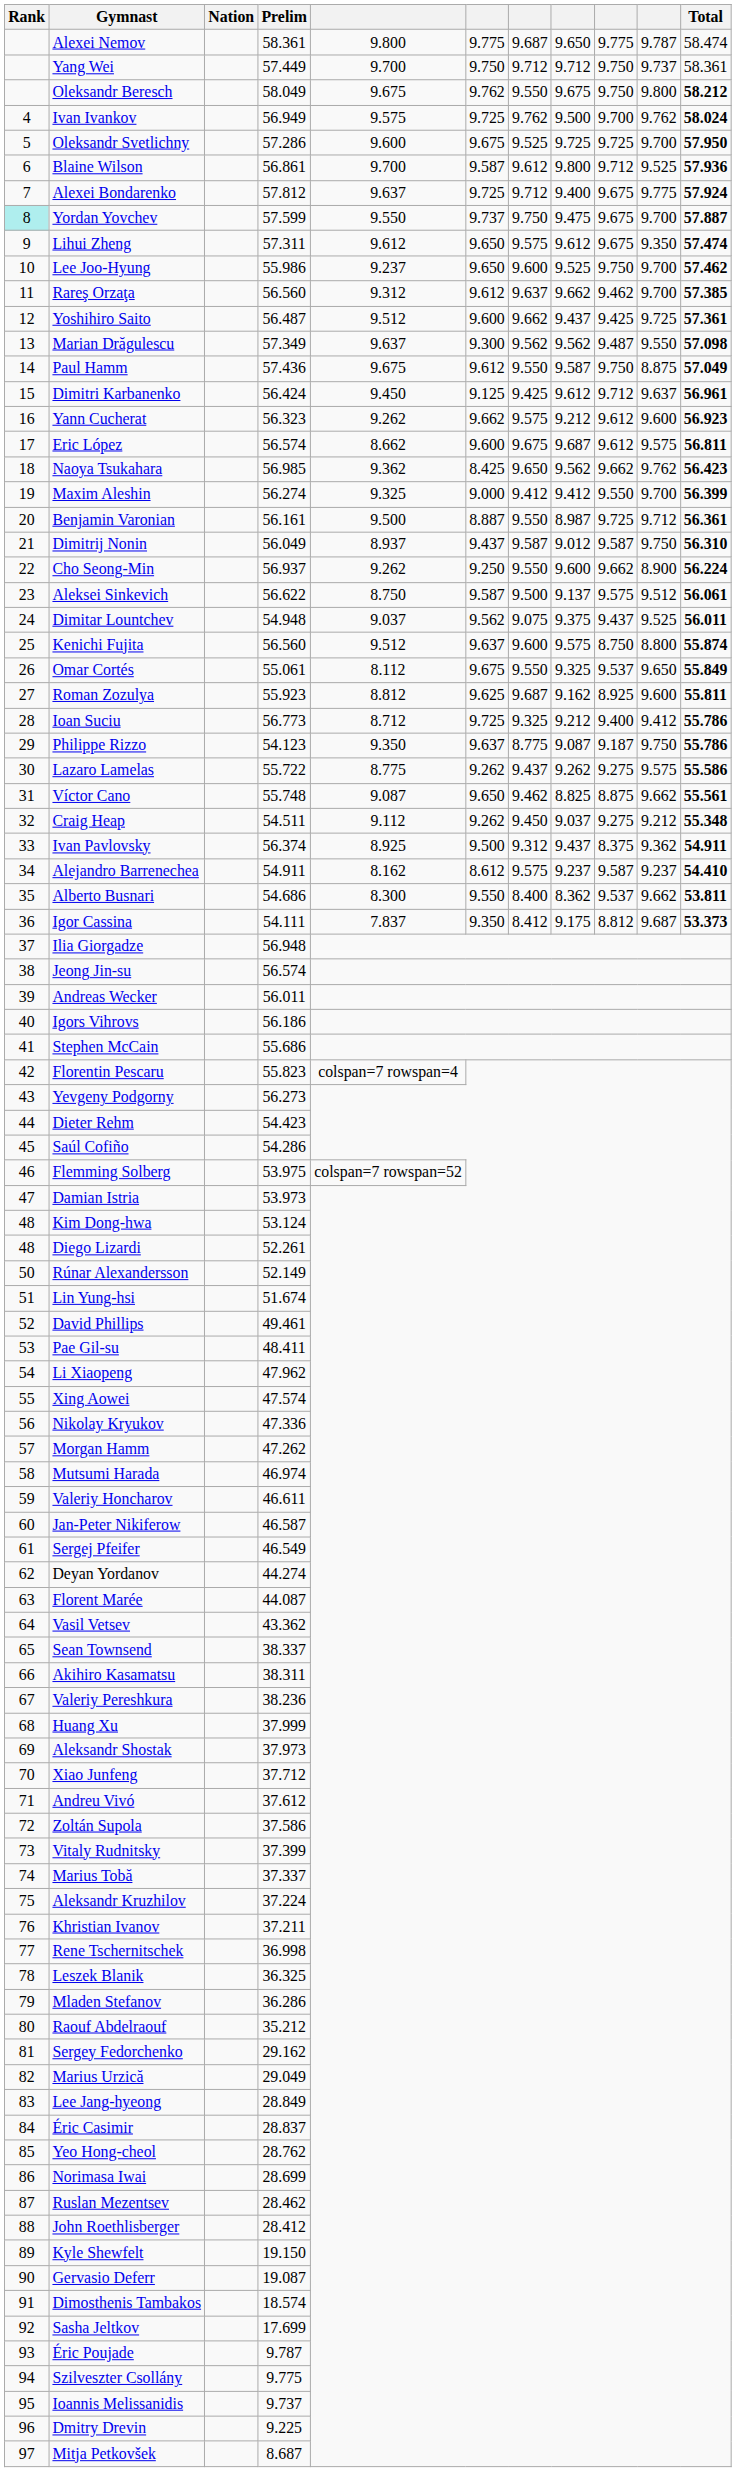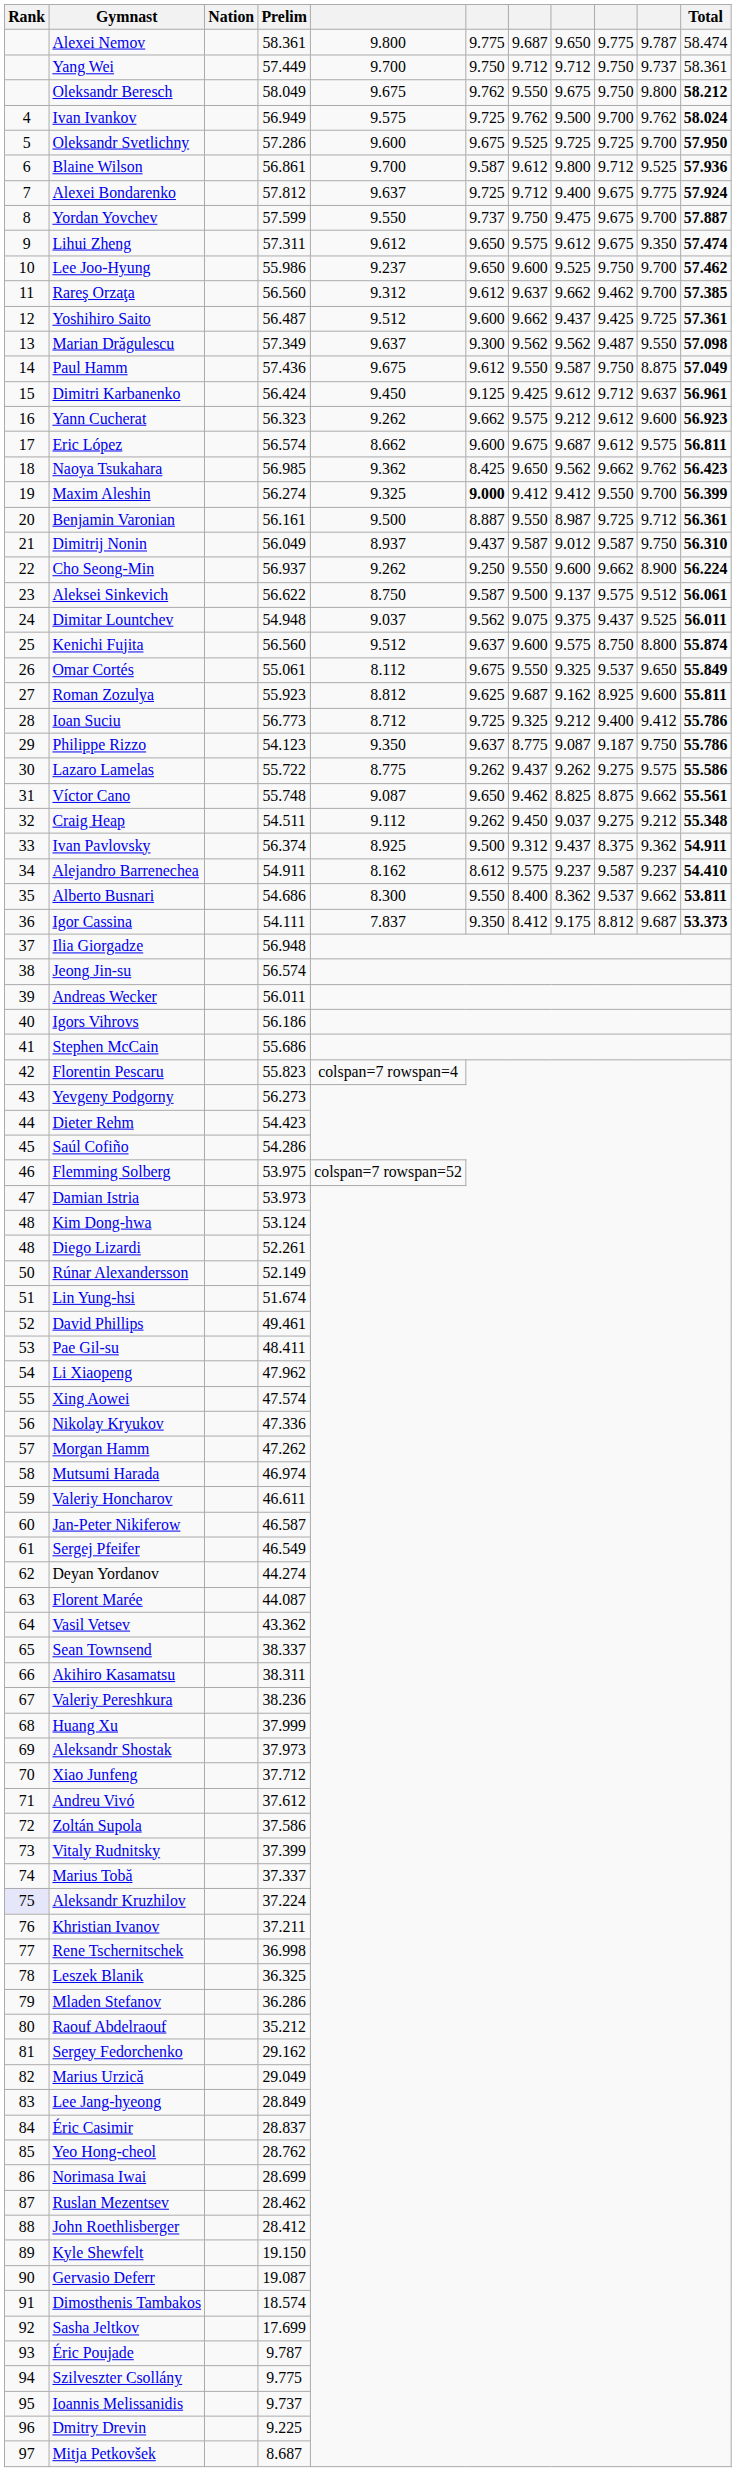 <table class="wikitable sortable" style="text-align:center;">
 <tr>
 <th>Rank</th>
 <th>Gymnast</th>
 <th>Nation</th>
 <th>Prelim</th>
 <th></th>
 <th></th>
 <th></th>
 <th></th>
 <th></th>
 <th></th>
 <th>Total</th>
 </tr>
 <tr>
 <td></td>
 <td align=left><a href='#'>Alexei Nemov</a></td>
 <td align=left></td>
 <td>58.361</td>
 <td>9.800</td>
 <td>9.775</td>
 <td>9.687</td>
 <td>9.650</td>
 <td>9.775</td>
 <td>9.787</td>
 <td>58.474</td>
 </tr>
 <tr>
 <td></td>
 <td align=left><a href='#'>Yang Wei</a></td>
 <td align=left></td>
 <td>57.449</td>
 <td>9.700</td>
 <td>9.750</td>
 <td>9.712</td>
 <td>9.712</td>
 <td>9.750</td>
 <td>9.737</td>
 <td>58.361</td>
 </tr>
 <tr>
 <td></td>
 <td align=left><a href='#'>Oleksandr Beresch</a></td>
 <td align=left></td>
 <td>58.049</td>
 <td>9.675</td>
 <td>9.762</td>
 <td>9.550</td>
 <td>9.675</td>
 <td>9.750</td>
 <td>9.800</td>
 <td><strong>58.212</strong></td>
 </tr>
 <tr>
 <td>4</td>
 <td align=left><a href='#'>Ivan Ivankov</a></td>
 <td align=left></td>
 <td>56.949</td>
 <td>9.575</td>
 <td>9.725</td>
 <td>9.762</td>
 <td>9.500</td>
 <td>9.700</td>
 <td>9.762</td>
 <td><strong>58.024</strong></td>
 </tr>
 <tr>
 <td>5</td>
 <td align=left><a href='#'>Oleksandr Svetlichny</a></td>
 <td align=left></td>
 <td>57.286</td>
 <td>9.600</td>
 <td>9.675</td>
 <td>9.525</td>
 <td>9.725</td>
 <td>9.725</td>
 <td>9.700</td>
 <td><strong>57.950</strong></td>
 </tr>
 <tr>
 <td>6</td>
 <td align=left><a href='#'>Blaine Wilson</a></td>
 <td align=left></td>
 <td>56.861</td>
 <td>9.700</td>
 <td>9.587</td>
 <td>9.612</td>
 <td>9.800</td>
 <td>9.712</td>
 <td>9.525</td>
 <td><strong>57.936</strong></td>
 </tr>
 <tr>
 <td>7</td>
 <td align=left><a href='#'>Alexei Bondarenko</a></td>
 <td align=left></td>
 <td>57.812</td>
 <td>9.637</td>
 <td>9.725</td>
 <td>9.712</td>
 <td>9.400</td>
 <td>9.675</td>
 <td>9.775</td>
 <td><strong>57.924</strong></td>
 </tr>
 <tr>
-<td style="background: paleturquoise;">8</td>
+<td>8</td>
 <td align=left><a href='#'>Yordan Yovchev</a></td>
 <td align=left></td>
 <td>57.599</td>
 <td>9.550</td>
 <td>9.737</td>
 <td>9.750</td>
 <td>9.475</td>
 <td>9.675</td>
 <td>9.700</td>
 <td><strong>57.887</strong></td>
 </tr>
 <tr>
 <td>9</td>
 <td align=left><a href='#'>Lihui Zheng</a></td>
 <td align=left></td>
 <td>57.311</td>
 <td>9.612</td>
 <td>9.650</td>
 <td>9.575</td>
 <td>9.612</td>
 <td>9.675</td>
 <td>9.350</td>
 <td><strong>57.474</strong></td>
 </tr>
 <tr>
 <td>10</td>
 <td align=left><a href='#'>Lee Joo-Hyung</a></td>
 <td align=left></td>
 <td>55.986</td>
 <td>9.237</td>
 <td>9.650</td>
 <td>9.600</td>
 <td>9.525</td>
 <td>9.750</td>
 <td>9.700</td>
 <td><strong>57.462</strong></td>
 </tr>
 <tr>
 <td>11</td>
 <td align=left><a href='#'>Rareş Orzaţa</a></td>
 <td align=left></td>
 <td>56.560</td>
 <td>9.312</td>
 <td>9.612</td>
 <td>9.637</td>
 <td>9.662</td>
 <td>9.462</td>
 <td>9.700</td>
 <td><strong>57.385</strong></td>
 </tr>
 <tr>
 <td>12</td>
 <td align=left><a href='#'>Yoshihiro Saito</a></td>
 <td align=left></td>
 <td>56.487</td>
 <td>9.512</td>
 <td>9.600</td>
 <td>9.662</td>
 <td>9.437</td>
 <td>9.425</td>
 <td>9.725</td>
 <td><strong>57.361</strong></td>
 </tr>
 <tr>
 <td>13</td>
 <td align=left><a href='#'>Marian Drăgulescu</a></td>
 <td align=left></td>
 <td>57.349</td>
 <td>9.637</td>
 <td>9.300</td>
 <td>9.562</td>
 <td>9.562</td>
 <td>9.487</td>
 <td>9.550</td>
 <td><strong>57.098</strong></td>
 </tr>
 <tr>
 <td>14</td>
 <td align=left><a href='#'>Paul Hamm</a></td>
 <td align=left></td>
 <td>57.436</td>
 <td>9.675</td>
 <td>9.612</td>
 <td>9.550</td>
 <td>9.587</td>
 <td>9.750</td>
 <td>8.875</td>
 <td><strong>57.049</strong></td>
 </tr>
 <tr>
 <td>15</td>
 <td align=left><a href='#'>Dimitri Karbanenko</a></td>
 <td align=left></td>
 <td>56.424</td>
 <td>9.450</td>
 <td>9.125</td>
 <td>9.425</td>
 <td>9.612</td>
 <td>9.712</td>
 <td>9.637</td>
 <td><strong>56.961</strong></td>
 </tr>
 <tr>
 <td>16</td>
 <td align=left><a href='#'>Yann Cucherat</a></td>
 <td align=left></td>
 <td>56.323</td>
 <td>9.262</td>
 <td>9.662</td>
 <td>9.575</td>
 <td>9.212</td>
 <td>9.612</td>
 <td>9.600</td>
 <td><strong>56.923</strong></td>
 </tr>
 <tr>
 <td>17</td>
 <td align=left><a href='#'>Eric López</a></td>
 <td align=left></td>
 <td>56.574</td>
 <td>8.662</td>
 <td>9.600</td>
 <td>9.675</td>
 <td>9.687</td>
 <td>9.612</td>
 <td>9.575</td>
 <td><strong>56.811</strong></td>
 </tr>
 <tr>
 <td>18</td>
 <td align=left><a href='#'>Naoya Tsukahara</a></td>
 <td align=left></td>
 <td>56.985</td>
 <td>9.362</td>
 <td>8.425</td>
 <td>9.650</td>
 <td>9.562</td>
 <td>9.662</td>
 <td>9.762</td>
 <td><strong>56.423</strong></td>
 </tr>
 <tr>
 <td>19</td>
 <td align=left><a href='#'>Maxim Aleshin</a></td>
 <td align=left></td>
 <td>56.274</td>
 <td>9.325</td>
-<td>9.000</td>
+<td><strong>9.000</strong></td>
 <td>9.412</td>
 <td>9.412</td>
 <td>9.550</td>
 <td>9.700</td>
 <td><strong>56.399</strong></td>
 </tr>
 <tr>
 <td>20</td>
 <td align=left><a href='#'>Benjamin Varonian</a></td>
 <td align=left></td>
 <td>56.161</td>
 <td>9.500</td>
 <td>8.887</td>
 <td>9.550</td>
 <td>8.987</td>
 <td>9.725</td>
 <td>9.712</td>
 <td><strong>56.361</strong></td>
 </tr>
 <tr>
 <td>21</td>
 <td align=left><a href='#'>Dimitrij Nonin</a></td>
 <td align=left></td>
 <td>56.049</td>
 <td>8.937</td>
 <td>9.437</td>
 <td>9.587</td>
 <td>9.012</td>
 <td>9.587</td>
 <td>9.750</td>
 <td><strong>56.310</strong></td>
 </tr>
 <tr>
 <td>22</td>
 <td align=left><a href='#'>Cho Seong-Min</a></td>
 <td align=left></td>
 <td>56.937</td>
 <td>9.262</td>
 <td>9.250</td>
 <td>9.550</td>
 <td>9.600</td>
 <td>9.662</td>
 <td>8.900</td>
 <td><strong>56.224</strong></td>
 </tr>
 <tr>
 <td>23</td>
 <td align=left><a href='#'>Aleksei Sinkevich</a></td>
 <td align=left></td>
 <td>56.622</td>
 <td>8.750</td>
 <td>9.587</td>
 <td>9.500</td>
 <td>9.137</td>
 <td>9.575</td>
 <td>9.512</td>
 <td><strong>56.061</strong></td>
 </tr>
 <tr>
 <td>24</td>
 <td align=left><a href='#'>Dimitar Lountchev</a></td>
 <td align=left></td>
 <td>54.948</td>
 <td>9.037</td>
 <td>9.562</td>
 <td>9.075</td>
 <td>9.375</td>
 <td>9.437</td>
 <td>9.525</td>
 <td><strong>56.011</strong></td>
 </tr>
 <tr>
 <td>25</td>
 <td align=left><a href='#'>Kenichi Fujita</a></td>
 <td align=left></td>
 <td>56.560</td>
 <td>9.512</td>
 <td>9.637</td>
 <td>9.600</td>
 <td>9.575</td>
 <td>8.750</td>
 <td>8.800</td>
 <td><strong>55.874</strong></td>
 </tr>
 <tr>
 <td>26</td>
 <td align=left><a href='#'>Omar Cortés</a></td>
 <td align=left></td>
 <td>55.061</td>
 <td>8.112</td>
 <td>9.675</td>
 <td>9.550</td>
 <td>9.325</td>
 <td>9.537</td>
 <td>9.650</td>
 <td><strong>55.849</strong></td>
 </tr>
 <tr>
 <td>27</td>
 <td align=left><a href='#'>Roman Zozulya</a></td>
 <td align=left></td>
 <td>55.923</td>
 <td>8.812</td>
 <td>9.625</td>
 <td>9.687</td>
 <td>9.162</td>
 <td>8.925</td>
 <td>9.600</td>
 <td><strong>55.811</strong></td>
 </tr>
 <tr>
 <td>28</td>
 <td align=left><a href='#'>Ioan Suciu</a></td>
 <td align=left></td>
 <td>56.773</td>
 <td>8.712</td>
 <td>9.725</td>
 <td>9.325</td>
 <td>9.212</td>
 <td>9.400</td>
 <td>9.412</td>
 <td><strong>55.786</strong></td>
 </tr>
 <tr>
 <td>29</td>
 <td align=left><a href='#'>Philippe Rizzo</a></td>
 <td align=left></td>
 <td>54.123</td>
 <td>9.350</td>
 <td>9.637</td>
 <td>8.775</td>
 <td>9.087</td>
 <td>9.187</td>
 <td>9.750</td>
 <td><strong>55.786</strong></td>
 </tr>
 <tr>
 <td>30</td>
 <td align=left><a href='#'>Lazaro Lamelas</a></td>
 <td align=left></td>
 <td>55.722</td>
 <td>8.775</td>
 <td>9.262</td>
 <td>9.437</td>
 <td>9.262</td>
 <td>9.275</td>
 <td>9.575</td>
 <td><strong>55.586</strong></td>
 </tr>
 <tr>
 <td>31</td>
 <td align=left><a href='#'>Víctor Cano</a></td>
 <td align=left></td>
 <td>55.748</td>
 <td>9.087</td>
 <td>9.650</td>
 <td>9.462</td>
 <td>8.825</td>
 <td>8.875</td>
 <td>9.662</td>
 <td><strong>55.561</strong></td>
 </tr>
 <tr>
 <td>32</td>
 <td align=left><a href='#'>Craig Heap</a></td>
 <td align=left></td>
 <td>54.511</td>
 <td>9.112</td>
 <td>9.262</td>
 <td>9.450</td>
 <td>9.037</td>
 <td>9.275</td>
 <td>9.212</td>
 <td><strong>55.348</strong></td>
 </tr>
 <tr>
 <td>33</td>
 <td align=left><a href='#'>Ivan Pavlovsky</a></td>
 <td align=left></td>
 <td>56.374</td>
 <td>8.925</td>
 <td>9.500</td>
 <td>9.312</td>
 <td>9.437</td>
 <td>8.375</td>
 <td>9.362</td>
 <td><strong>54.911</strong></td>
 </tr>
 <tr>
 <td>34</td>
 <td align=left><a href='#'>Alejandro Barrenechea</a></td>
 <td align=left></td>
 <td>54.911</td>
 <td>8.162</td>
 <td>8.612</td>
 <td>9.575</td>
 <td>9.237</td>
 <td>9.587</td>
 <td>9.237</td>
 <td><strong>54.410</strong></td>
 </tr>
 <tr>
 <td>35</td>
 <td align=left><a href='#'>Alberto Busnari</a></td>
 <td align=left></td>
 <td>54.686</td>
 <td>8.300</td>
 <td>9.550</td>
 <td>8.400</td>
 <td>8.362</td>
 <td>9.537</td>
 <td>9.662</td>
 <td><strong>53.811</strong></td>
 </tr>
 <tr>
 <td>36</td>
 <td align=left><a href='#'>Igor Cassina</a></td>
 <td align=left></td>
 <td>54.111</td>
 <td>7.837</td>
 <td>9.350</td>
 <td>8.412</td>
 <td>9.175</td>
 <td>8.812</td>
 <td>9.687</td>
 <td><strong>53.373</strong></td>
 </tr>
 <tr>
 <td>37</td>
 <td align=left><a href='#'>Ilia Giorgadze</a></td>
 <td align="left"></td>
 <td>56.948</td>
 <td colspan=7></td>
 </tr>
 <tr>
 <td>38</td>
 <td align=left><a href='#'>Jeong Jin-su</a></td>
 <td align="left"></td>
 <td>56.574</td>
 <td colspan=7></td>
 </tr>
 <tr>
 <td>39</td>
 <td align=left><a href='#'>Andreas Wecker</a></td>
 <td align="left"></td>
 <td>56.011</td>
 <td colspan=7></td>
 </tr>
 <tr>
 <td>40</td>
 <td align=left><a href='#'>Igors Vihrovs</a></td>
 <td align="left"></td>
 <td>56.186</td>
 <td colspan=7></td>
 </tr>
 <tr>
 <td>41</td>
 <td align=left><a href='#'>Stephen McCain</a></td>
 <td align="left"></td>
 <td>55.686</td>
 <td colspan=7></td>
 </tr>
 <tr>
 <td>42</td>
 <td align=left><a href='#'>Florentin Pescaru</a></td>
 <td align="left"></td>
 <td>55.823</td>
 <td>colspan=7 rowspan=4 </td>
 </tr>
 <tr>
 <td>43</td>
 <td align=left><a href='#'>Yevgeny Podgorny</a></td>
 <td align="left"></td>
 <td>56.273</td>
 </tr>
 <tr>
 <td>44</td>
 <td align=left><a href='#'>Dieter Rehm</a></td>
 <td align="left"></td>
 <td>54.423</td>
 </tr>
 <tr>
 <td>45</td>
 <td align=left><a href='#'>Saúl Cofiño</a></td>
 <td align="left"></td>
 <td>54.286</td>
 </tr>
 <tr>
 <td>46</td>
 <td align=left><a href='#'>Flemming Solberg</a></td>
 <td align="left"></td>
 <td>53.975</td>
 <td>colspan=7 rowspan=52 </td>
 </tr>
 <tr>
 <td>47</td>
 <td align=left><a href='#'>Damian Istria</a></td>
 <td align="left"></td>
 <td>53.973</td>
 </tr>
 <tr>
 <td>48</td>
 <td align=left><a href='#'>Kim Dong-hwa</a></td>
 <td align="left"></td>
 <td>53.124</td>
 </tr>
 <tr>
 <td>48</td>
 <td align=left><a href='#'>Diego Lizardi</a></td>
 <td align="left"></td>
 <td>52.261</td>
 </tr>
 <tr>
 <td>50</td>
 <td align=left><a href='#'>Rúnar Alexandersson</a></td>
 <td align="left"></td>
 <td>52.149</td>
 </tr>
 <tr>
 <td>51</td>
 <td align=left><a href='#'>Lin Yung-hsi</a></td>
 <td align="left"></td>
 <td>51.674</td>
 </tr>
 <tr>
 <td>52</td>
 <td align=left><a href='#'>David Phillips</a></td>
 <td align="left"></td>
 <td>49.461</td>
 </tr>
 <tr>
 <td>53</td>
 <td align=left><a href='#'>Pae Gil-su</a></td>
 <td align="left"></td>
 <td>48.411</td>
 </tr>
 <tr>
 <td>54</td>
 <td align=left><a href='#'>Li Xiaopeng</a></td>
 <td align="left"></td>
 <td>47.962</td>
 </tr>
 <tr>
 <td>55</td>
 <td align=left><a href='#'>Xing Aowei</a></td>
 <td align="left"></td>
 <td>47.574</td>
 </tr>
 <tr>
 <td>56</td>
 <td align=left><a href='#'>Nikolay Kryukov</a></td>
 <td align="left"></td>
 <td>47.336</td>
 </tr>
 <tr>
 <td>57</td>
 <td align=left><a href='#'>Morgan Hamm</a></td>
 <td align="left"></td>
 <td>47.262</td>
 </tr>
 <tr>
 <td>58</td>
 <td align=left><a href='#'>Mutsumi Harada</a></td>
 <td align="left"></td>
 <td>46.974</td>
 </tr>
 <tr>
 <td>59</td>
 <td align=left><a href='#'>Valeriy Honcharov</a></td>
 <td align="left"></td>
 <td>46.611</td>
 </tr>
 <tr>
 <td>60</td>
 <td align=left><a href='#'>Jan-Peter Nikiferow</a></td>
 <td align="left"></td>
 <td>46.587</td>
 </tr>
 <tr>
 <td>61</td>
 <td align=left><a href='#'>Sergej Pfeifer</a></td>
 <td align="left"></td>
 <td>46.549</td>
 </tr>
 <tr>
 <td>62</td>
 <td align=left>Deyan Yordanov</td>
 <td align="left"></td>
 <td>44.274</td>
 </tr>
 <tr>
 <td>63</td>
 <td align=left><a href='#'>Florent Marée</a></td>
 <td align="left"></td>
 <td>44.087</td>
 </tr>
 <tr>
 <td>64</td>
 <td align=left><a href='#'>Vasil Vetsev</a></td>
 <td align="left"></td>
 <td>43.362</td>
 </tr>
 <tr>
 <td>65</td>
 <td align=left><a href='#'>Sean Townsend</a></td>
 <td align="left"></td>
 <td>38.337</td>
 </tr>
 <tr>
 <td>66</td>
 <td align=left><a href='#'>Akihiro Kasamatsu</a></td>
 <td align="left"></td>
 <td>38.311</td>
 </tr>
 <tr>
 <td>67</td>
 <td align=left><a href='#'>Valeriy Pereshkura</a></td>
 <td align="left"></td>
 <td>38.236</td>
 </tr>
 <tr>
 <td>68</td>
 <td align=left><a href='#'>Huang Xu</a></td>
 <td align="left"></td>
 <td>37.999</td>
 </tr>
 <tr>
 <td>69</td>
 <td align=left><a href='#'>Aleksandr Shostak</a></td>
 <td align="left"></td>
 <td>37.973</td>
 </tr>
 <tr>
 <td>70</td>
 <td align=left><a href='#'>Xiao Junfeng</a></td>
 <td align="left"></td>
 <td>37.712</td>
 </tr>
 <tr>
 <td>71</td>
 <td align=left><a href='#'>Andreu Vivó</a></td>
 <td align="left"></td>
 <td>37.612</td>
 </tr>
 <tr>
 <td>72</td>
 <td align=left><a href='#'>Zoltán Supola</a></td>
 <td align="left"></td>
 <td>37.586</td>
 </tr>
 <tr>
 <td>73</td>
 <td align=left><a href='#'>Vitaly Rudnitsky</a></td>
 <td align="left"></td>
 <td>37.399</td>
 </tr>
 <tr>
 <td>74</td>
 <td align=left><a href='#'>Marius Tobă</a></td>
 <td align="left"></td>
 <td>37.337</td>
 </tr>
 <tr>
-<td>75</td>
+<td style="background: lavender;">75</td>
 <td align=left><a href='#'>Aleksandr Kruzhilov</a></td>
 <td align="left"></td>
 <td>37.224</td>
 </tr>
 <tr>
 <td>76</td>
 <td align=left><a href='#'>Khristian Ivanov</a></td>
 <td align="left"></td>
 <td>37.211</td>
 </tr>
 <tr>
 <td>77</td>
 <td align=left><a href='#'>Rene Tschernitschek</a></td>
 <td align="left"></td>
 <td>36.998</td>
 </tr>
 <tr>
 <td>78</td>
 <td align=left><a href='#'>Leszek Blanik</a></td>
 <td align="left"></td>
 <td>36.325</td>
 </tr>
 <tr>
 <td>79</td>
 <td align=left><a href='#'>Mladen Stefanov</a></td>
 <td align="left"></td>
 <td>36.286</td>
 </tr>
 <tr>
 <td>80</td>
 <td align=left><a href='#'>Raouf Abdelraouf</a></td>
 <td align="left"></td>
 <td>35.212</td>
 </tr>
 <tr>
 <td>81</td>
 <td align=left><a href='#'>Sergey Fedorchenko</a></td>
 <td align="left"></td>
 <td>29.162</td>
 </tr>
 <tr>
 <td>82</td>
 <td align=left><a href='#'>Marius Urzică</a></td>
 <td align="left"></td>
 <td>29.049</td>
 </tr>
 <tr>
 <td>83</td>
 <td align=left><a href='#'>Lee Jang-hyeong</a></td>
 <td align="left"></td>
 <td>28.849</td>
 </tr>
 <tr>
 <td>84</td>
 <td align=left><a href='#'>Éric Casimir</a></td>
 <td align="left"></td>
 <td>28.837</td>
 </tr>
 <tr>
 <td>85</td>
 <td align=left><a href='#'>Yeo Hong-cheol</a></td>
 <td align="left"></td>
 <td>28.762</td>
 </tr>
 <tr>
 <td>86</td>
 <td align=left><a href='#'>Norimasa Iwai</a></td>
 <td align="left"></td>
 <td>28.699</td>
 </tr>
 <tr>
 <td>87</td>
 <td align=left><a href='#'>Ruslan Mezentsev</a></td>
 <td align="left"></td>
 <td>28.462</td>
 </tr>
 <tr>
 <td>88</td>
 <td align=left><a href='#'>John Roethlisberger</a></td>
 <td align="left"></td>
 <td>28.412</td>
 </tr>
 <tr>
 <td>89</td>
 <td align=left><a href='#'>Kyle Shewfelt</a></td>
 <td align="left"></td>
 <td>19.150</td>
 </tr>
 <tr>
 <td>90</td>
 <td align=left><a href='#'>Gervasio Deferr</a></td>
 <td align="left"></td>
 <td>19.087</td>
 </tr>
 <tr>
 <td>91</td>
 <td align=left><a href='#'>Dimosthenis Tambakos</a></td>
 <td align="left"></td>
 <td>18.574</td>
 </tr>
 <tr>
 <td>92</td>
 <td align=left><a href='#'>Sasha Jeltkov</a></td>
 <td align="left"></td>
 <td>17.699</td>
 </tr>
 <tr>
 <td>93</td>
 <td align=left><a href='#'>Éric Poujade</a></td>
 <td align="left"></td>
 <td>9.787</td>
 </tr>
 <tr>
 <td>94</td>
 <td align=left><a href='#'>Szilveszter Csollány</a></td>
 <td align="left"></td>
 <td>9.775</td>
 </tr>
 <tr>
 <td>95</td>
 <td align=left><a href='#'>Ioannis Melissanidis</a></td>
 <td align="left"></td>
 <td>9.737</td>
 </tr>
 <tr>
 <td>96</td>
 <td align=left><a href='#'>Dmitry Drevin</a></td>
 <td align="left"></td>
 <td>9.225</td>
 </tr>
 <tr>
 <td>97</td>
 <td align=left><a href='#'>Mitja Petkovšek</a></td>
 <td align="left"></td>
 <td>8.687</td>
 </tr>
 </table>
